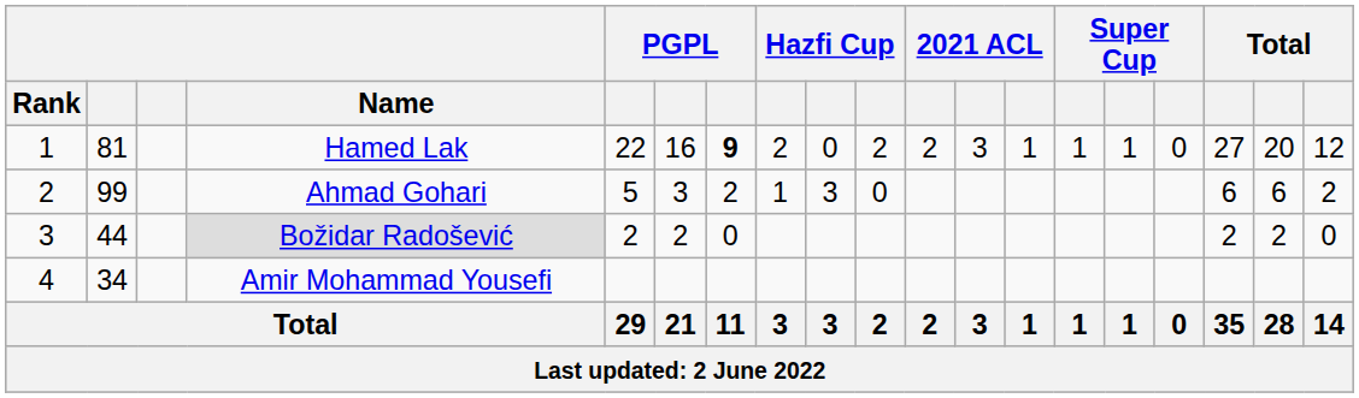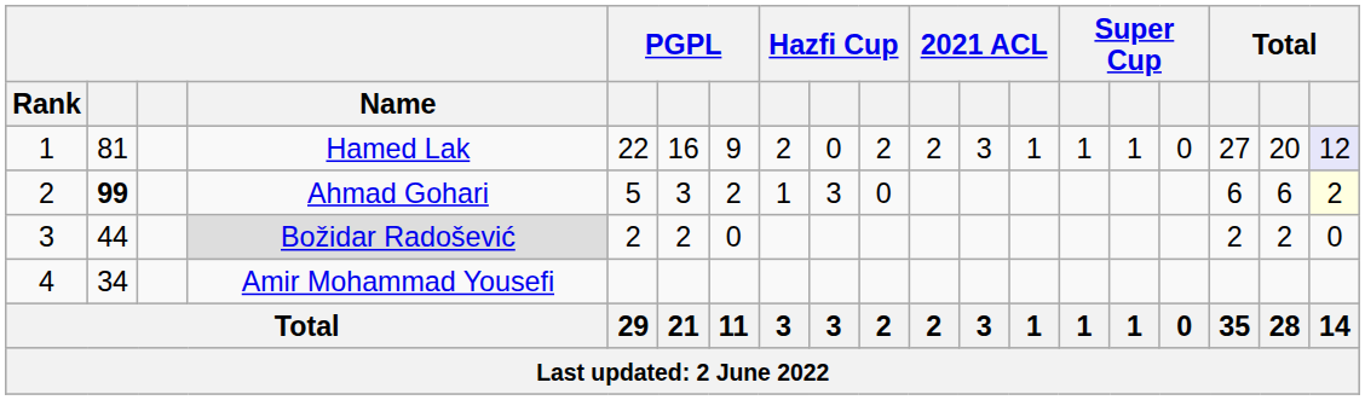 <table class="wikitable sortable" style="text-align:center; font-size:95%;">
 <tr>
 <th colspan="4"></th>
 <th colspan="3"><a href='#'>PGPL</a></th>
 <th colspan="3"><a href='#'>Hazfi Cup</a></th>
 <th colspan="3"><a href='#'>2021 ACL</a></th>
 <th colspan="3"><a href='#'>Super Cup</a></th>
 <th colspan="3">Total</th>
 </tr>
 <tr>
 <th width=20>Rank</th>
 <th width=20></th>
 <th width=20></th>
 <th width=220>Name</th>
 <th width=20></th>
 <th width=20></th>
 <th width=20></th>
 <th width=20></th>
 <th width=20></th>
 <th width=20></th>
 <th width=20></th>
 <th width=20></th>
 <th width=20></th>
 <th width=20></th>
 <th width=20></th>
 <th width=20></th>
 <th width=20></th>
 <th width=20></th>
 <th width=20></th>
 </tr>
 <tr>
 <td>1</td>
 <td>81</td>
 <td></td>
 <td><a href='#'>Hamed Lak</a></td>
 <td>22</td>
 <td>16</td>
-<td><strong>9</strong></td>
+<td>9</td>
 <td>2</td>
 <td>0</td>
 <td>2</td>
 <td>2</td>
 <td>3</td>
 <td>1</td>
 <td>1</td>
 <td>1</td>
 <td>0</td>
 <td>27</td>
 <td>20</td>
-<td>12</td>
+<td style="background: lavender;">12</td>
 </tr>
 <tr>
 <td>2</td>
-<td>99</td>
+<td><strong>99</strong></td>
 <td></td>
 <td><a href='#'>Ahmad Gohari</a></td>
 <td>5</td>
 <td>3</td>
 <td>2</td>
 <td>1</td>
 <td>3</td>
 <td>0</td>
 <td></td>
 <td></td>
 <td></td>
 <td></td>
 <td></td>
 <td></td>
 <td>6</td>
 <td>6</td>
-<td>2</td>
+<td style="background: lightyellow;">2</td>
 </tr>
 <tr>
 <td>3</td>
 <td>44</td>
 <td></td>
 <td style="background:#ddd;"><a href='#'>Božidar Radošević</a></td>
 <td>2</td>
 <td>2</td>
 <td>0</td>
 <td></td>
 <td></td>
 <td></td>
 <td></td>
 <td></td>
 <td></td>
 <td></td>
 <td></td>
 <td></td>
 <td>2</td>
 <td>2</td>
 <td>0</td>
 </tr>
 <tr>
 <td>4</td>
 <td>34</td>
 <td></td>
 <td><a href='#'>Amir Mohammad Yousefi</a></td>
 <td></td>
 <td></td>
 <td></td>
 <td></td>
 <td></td>
 <td></td>
 <td></td>
 <td></td>
 <td></td>
 <td></td>
 <td></td>
 <td></td>
 <td></td>
 <td></td>
 <td></td>
 </tr>
 <tr>
 <th colspan="4">Total</th>
 <th>29</th>
 <th>21</th>
 <th>11</th>
 <th>3</th>
 <th>3</th>
 <th>2</th>
 <th>2</th>
 <th>3</th>
 <th>1</th>
 <th>1</th>
 <th>1</th>
 <th>0</th>
 <th>35</th>
 <th>28</th>
 <th>14</th>
 </tr>
 <tr style="text-align:left; background:#dcdcdc;">
 <th colspan="22"><small>Last updated: 2 June 2022</small></th>
 </tr>
 </table>
